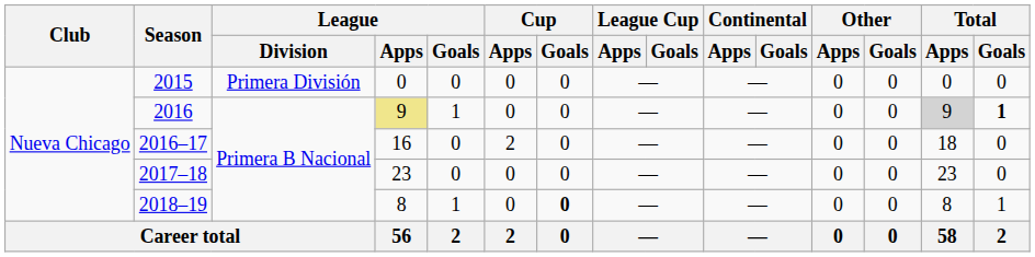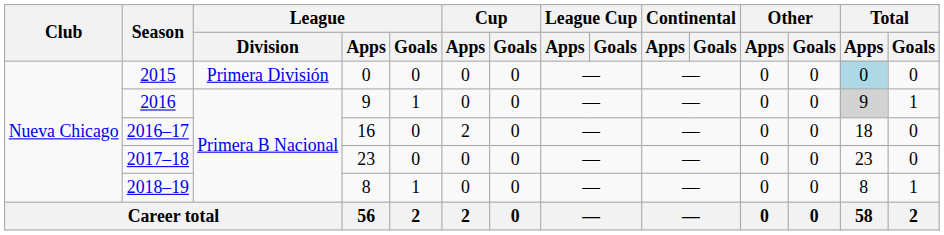 <table class="wikitable" style="text-align:center">
 <tr>
 <th rowspan="2">Club</th>
 <th rowspan="2">Season</th>
 <th colspan="3">League</th>
 <th colspan="2">Cup</th>
 <th colspan="2">League Cup</th>
 <th colspan="2">Continental</th>
 <th colspan="2">Other</th>
 <th colspan="2">Total</th>
 </tr>
 <tr>
 <th>Division</th>
 <th>Apps</th>
 <th>Goals</th>
 <th>Apps</th>
 <th>Goals</th>
 <th>Apps</th>
 <th>Goals</th>
 <th>Apps</th>
 <th>Goals</th>
 <th>Apps</th>
 <th>Goals</th>
 <th>Apps</th>
 <th>Goals</th>
 </tr>
 <tr>
 <td rowspan="5"><a href='#'>Nueva Chicago</a></td>
 <td><a href='#'>2015</a></td>
 <td rowspan="1"><a href='#'>Primera División</a></td>
 <td>0</td>
 <td>0</td>
 <td>0</td>
 <td>0</td>
 <td colspan="2">—</td>
 <td colspan="2">—</td>
 <td>0</td>
 <td>0</td>
-<td>0</td>
+<td style="background: lightblue;">0</td>
 <td>0</td>
 </tr>
 <tr>
 <td><a href='#'>2016</a></td>
 <td rowspan="4"><a href='#'>Primera B Nacional</a></td>
-<td style="background: khaki;">9</td>
+<td>9</td>
 <td>1</td>
 <td>0</td>
 <td>0</td>
 <td colspan="2">—</td>
 <td colspan="2">—</td>
 <td>0</td>
 <td>0</td>
 <td style="background: lightgrey;">9</td>
-<td><strong>1</strong></td>
+<td>1</td>
 </tr>
 <tr>
 <td><a href='#'>2016–17</a></td>
 <td>16</td>
 <td>0</td>
 <td>2</td>
 <td>0</td>
 <td colspan="2">—</td>
 <td colspan="2">—</td>
 <td>0</td>
 <td>0</td>
 <td>18</td>
 <td>0</td>
 </tr>
 <tr>
 <td><a href='#'>2017–18</a></td>
 <td>23</td>
 <td>0</td>
 <td>0</td>
 <td>0</td>
 <td colspan="2">—</td>
 <td colspan="2">—</td>
 <td>0</td>
 <td>0</td>
 <td>23</td>
 <td>0</td>
 </tr>
 <tr>
 <td><a href='#'>2018–19</a></td>
 <td>8</td>
 <td>1</td>
 <td>0</td>
-<td><strong>0</strong></td>
+<td>0</td>
 <td colspan="2">—</td>
 <td colspan="2">—</td>
 <td>0</td>
 <td>0</td>
 <td>8</td>
 <td>1</td>
 </tr>
 <tr>
 <th colspan="3">Career total</th>
 <th>56</th>
 <th>2</th>
 <th>2</th>
 <th>0</th>
 <th colspan="2">—</th>
 <th colspan="2">—</th>
 <th>0</th>
 <th>0</th>
 <th>58</th>
 <th>2</th>
 </tr>
 </table>
